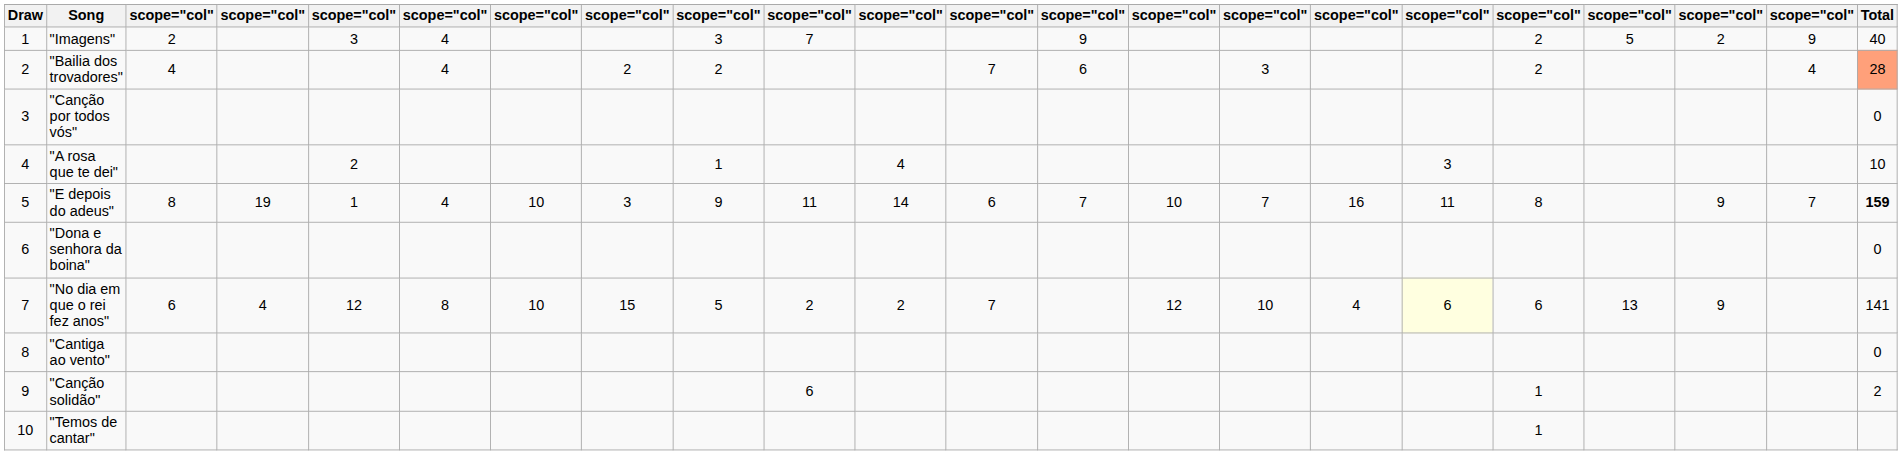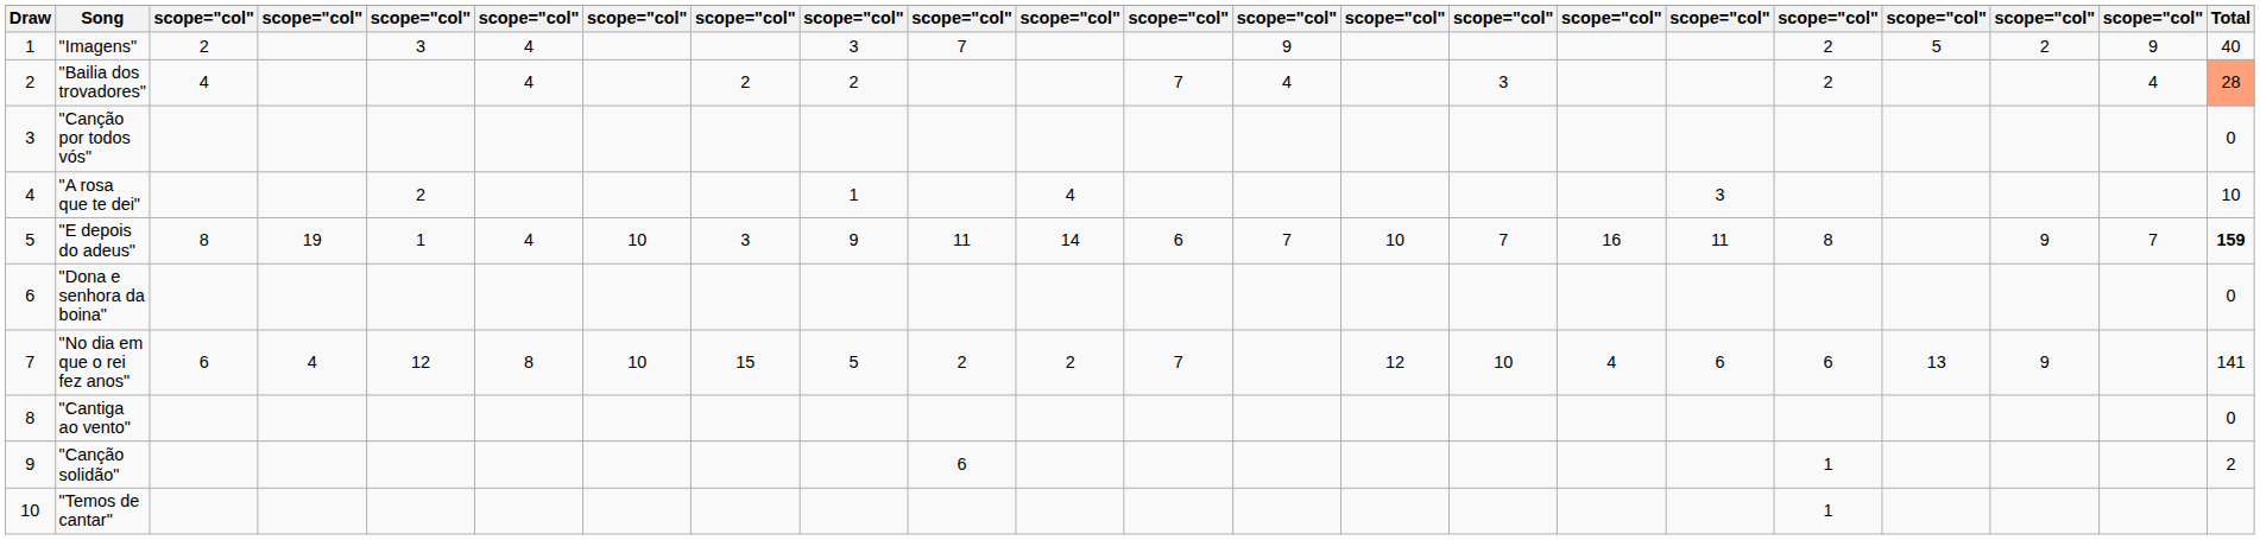 <table class="wikitable plainrowheaders" style="margin: 1em auto 1em auto; text-align:center;">
 <tr>
 </tr>
 <tr>
 <th scope="col">Draw</th>
 <th scope="col">Song</th>
 <th>scope="col" </th>
 <th>scope="col" </th>
 <th>scope="col" </th>
 <th>scope="col" </th>
 <th>scope="col" </th>
 <th>scope="col" </th>
 <th>scope="col" </th>
 <th>scope="col" </th>
 <th>scope="col" </th>
 <th>scope="col" </th>
 <th>scope="col" </th>
 <th>scope="col" </th>
 <th>scope="col" </th>
 <th>scope="col" </th>
 <th>scope="col" </th>
 <th>scope="col" </th>
 <th>scope="col" </th>
 <th>scope="col" </th>
 <th>scope="col" </th>
 <th scope="col">Total</th>
 </tr>
 <tr>
 <td>1</td>
 <td align="left">"Imagens"</td>
 <td>2</td>
 <td></td>
 <td>3</td>
 <td>4</td>
 <td></td>
 <td></td>
 <td>3</td>
 <td>7</td>
 <td></td>
 <td></td>
 <td>9</td>
 <td></td>
 <td></td>
 <td></td>
 <td></td>
 <td>2</td>
 <td>5</td>
 <td>2</td>
 <td>9</td>
 <td>40</td>
 </tr>
 <tr>
 <td>2</td>
 <td align="left">"Bailia dos trovadores"</td>
 <td>4</td>
 <td></td>
 <td></td>
 <td>4</td>
 <td></td>
 <td>2</td>
 <td>2</td>
 <td></td>
 <td></td>
 <td>7</td>
-<td>6</td>
+<td>4</td>
 <td></td>
 <td>3</td>
 <td></td>
 <td></td>
 <td>2</td>
 <td></td>
 <td></td>
 <td>4</td>
 <td style="background: lightsalmon;">28</td>
 </tr>
 <tr>
 <td>3</td>
 <td align="left">"Canção por todos vós"</td>
 <td></td>
 <td></td>
 <td></td>
 <td></td>
 <td></td>
 <td></td>
 <td></td>
 <td></td>
 <td></td>
 <td></td>
 <td></td>
 <td></td>
 <td></td>
 <td></td>
 <td></td>
 <td></td>
 <td></td>
 <td></td>
 <td></td>
 <td>0</td>
 </tr>
 <tr>
 <td>4</td>
 <td align="left">"A rosa que te dei"</td>
 <td></td>
 <td></td>
 <td>2</td>
 <td></td>
 <td></td>
 <td></td>
 <td>1</td>
 <td></td>
 <td>4</td>
 <td></td>
 <td></td>
 <td></td>
 <td></td>
 <td></td>
 <td>3</td>
 <td></td>
 <td></td>
 <td></td>
 <td></td>
 <td>10</td>
 </tr>
 <tr>
 <td>5</td>
 <td align="left">"E depois do adeus"</td>
 <td>8</td>
 <td>19</td>
 <td>1</td>
 <td>4</td>
 <td>10</td>
 <td>3</td>
 <td>9</td>
 <td>11</td>
 <td>14</td>
 <td>6</td>
 <td>7</td>
 <td>10</td>
 <td>7</td>
 <td>16</td>
 <td>11</td>
 <td>8</td>
 <td></td>
 <td>9</td>
 <td>7</td>
 <td><strong>159</strong></td>
 </tr>
 <tr>
 <td>6</td>
 <td align="left">"Dona e senhora da boina"</td>
 <td></td>
 <td></td>
 <td></td>
 <td></td>
 <td></td>
 <td></td>
 <td></td>
 <td></td>
 <td></td>
 <td></td>
 <td></td>
 <td></td>
 <td></td>
 <td></td>
 <td></td>
 <td></td>
 <td></td>
 <td></td>
 <td></td>
 <td>0</td>
 </tr>
 <tr>
 <td>7</td>
 <td align="left">"No dia em que o rei fez anos"</td>
 <td>6</td>
 <td>4</td>
 <td>12</td>
 <td>8</td>
 <td>10</td>
 <td>15</td>
 <td>5</td>
 <td>2</td>
 <td>2</td>
 <td>7</td>
 <td></td>
 <td>12</td>
 <td>10</td>
 <td>4</td>
-<td style="background: lightyellow;">6</td>
+<td>6</td>
 <td>6</td>
 <td>13</td>
 <td>9</td>
 <td></td>
 <td>141</td>
 </tr>
 <tr>
 <td>8</td>
 <td align="left">"Cantiga ao vento"</td>
 <td></td>
 <td></td>
 <td></td>
 <td></td>
 <td></td>
 <td></td>
 <td></td>
 <td></td>
 <td></td>
 <td></td>
 <td></td>
 <td></td>
 <td></td>
 <td></td>
 <td></td>
 <td></td>
 <td></td>
 <td></td>
 <td></td>
 <td>0</td>
 </tr>
 <tr>
 <td>9</td>
 <td align="left">"Canção solidão"</td>
 <td></td>
 <td></td>
 <td></td>
 <td></td>
 <td></td>
 <td></td>
 <td></td>
 <td>6</td>
 <td></td>
 <td></td>
 <td></td>
 <td></td>
 <td></td>
 <td></td>
 <td></td>
 <td>1</td>
 <td></td>
 <td></td>
 <td></td>
 <td>2</td>
 </tr>
 <tr>
 <td>10</td>
 <td align="left">"Temos de cantar"</td>
 <td></td>
 <td></td>
 <td></td>
 <td></td>
 <td></td>
 <td></td>
 <td></td>
 <td></td>
 <td></td>
 <td></td>
 <td></td>
 <td></td>
 <td></td>
 <td></td>
 <td></td>
 <td>1</td>
 <td></td>
 <td></td>
 <td></td>
 <td></td>
 </tr>
 </table>
